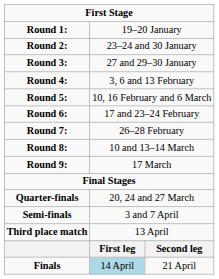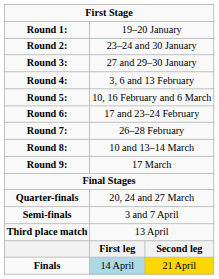 <table class=wikitable style="text-align:center; font-size:90%">
 <tr>
 <td colspan=3><strong>First Stage</strong></td>
 </tr>
 <tr>
 <td><strong>Round 1:</strong></td>
 <td colspan=2>19–20 January</td>
 </tr>
 <tr>
 <td><strong>Round 2:</strong></td>
 <td colspan=2>23–24 and 30 January</td>
 </tr>
 <tr>
 <td><strong>Round 3:</strong></td>
 <td colspan=2>27 and 29–30 January</td>
 </tr>
 <tr>
 <td><strong>Round 4:</strong></td>
 <td colspan=2>3, 6 and 13 February</td>
 </tr>
 <tr>
 <td><strong>Round 5:</strong></td>
 <td colspan=2>10, 16 February and 6 March</td>
 </tr>
 <tr>
 <td><strong>Round 6:</strong></td>
 <td colspan=2>17 and 23–24 February</td>
 </tr>
 <tr>
 <td><strong>Round 7:</strong></td>
 <td colspan=2>26–28 February</td>
 </tr>
 <tr>
 <td><strong>Round 8:</strong></td>
 <td colspan=2>10 and 13–14 March</td>
 </tr>
 <tr>
 <td><strong>Round 9:</strong></td>
 <td colspan=2>17 March</td>
 </tr>
 <tr>
 <td colspan=3><strong>Final Stages</strong></td>
 </tr>
 <tr>
 <td><strong>Quarter-finals</strong></td>
 <td colspan=2>20, 24 and 27 March</td>
 </tr>
 <tr>
 <td><strong>Semi-finals</strong></td>
 <td colspan=2>3 and 7 April</td>
 </tr>
 <tr>
 <td><strong>Third place match</strong></td>
 <td colspan=2>13 April</td>
 </tr>
 <tr>
 <th></th>
 <th>First leg</th>
 <th>Second leg</th>
 </tr>
 <tr>
 <td><strong>Finals</strong></td>
 <td style="background: lightblue;">14 April</td>
-<td>21 April</td>
+<td style="background: gold;">21 April</td>
 </tr>
 </table>
